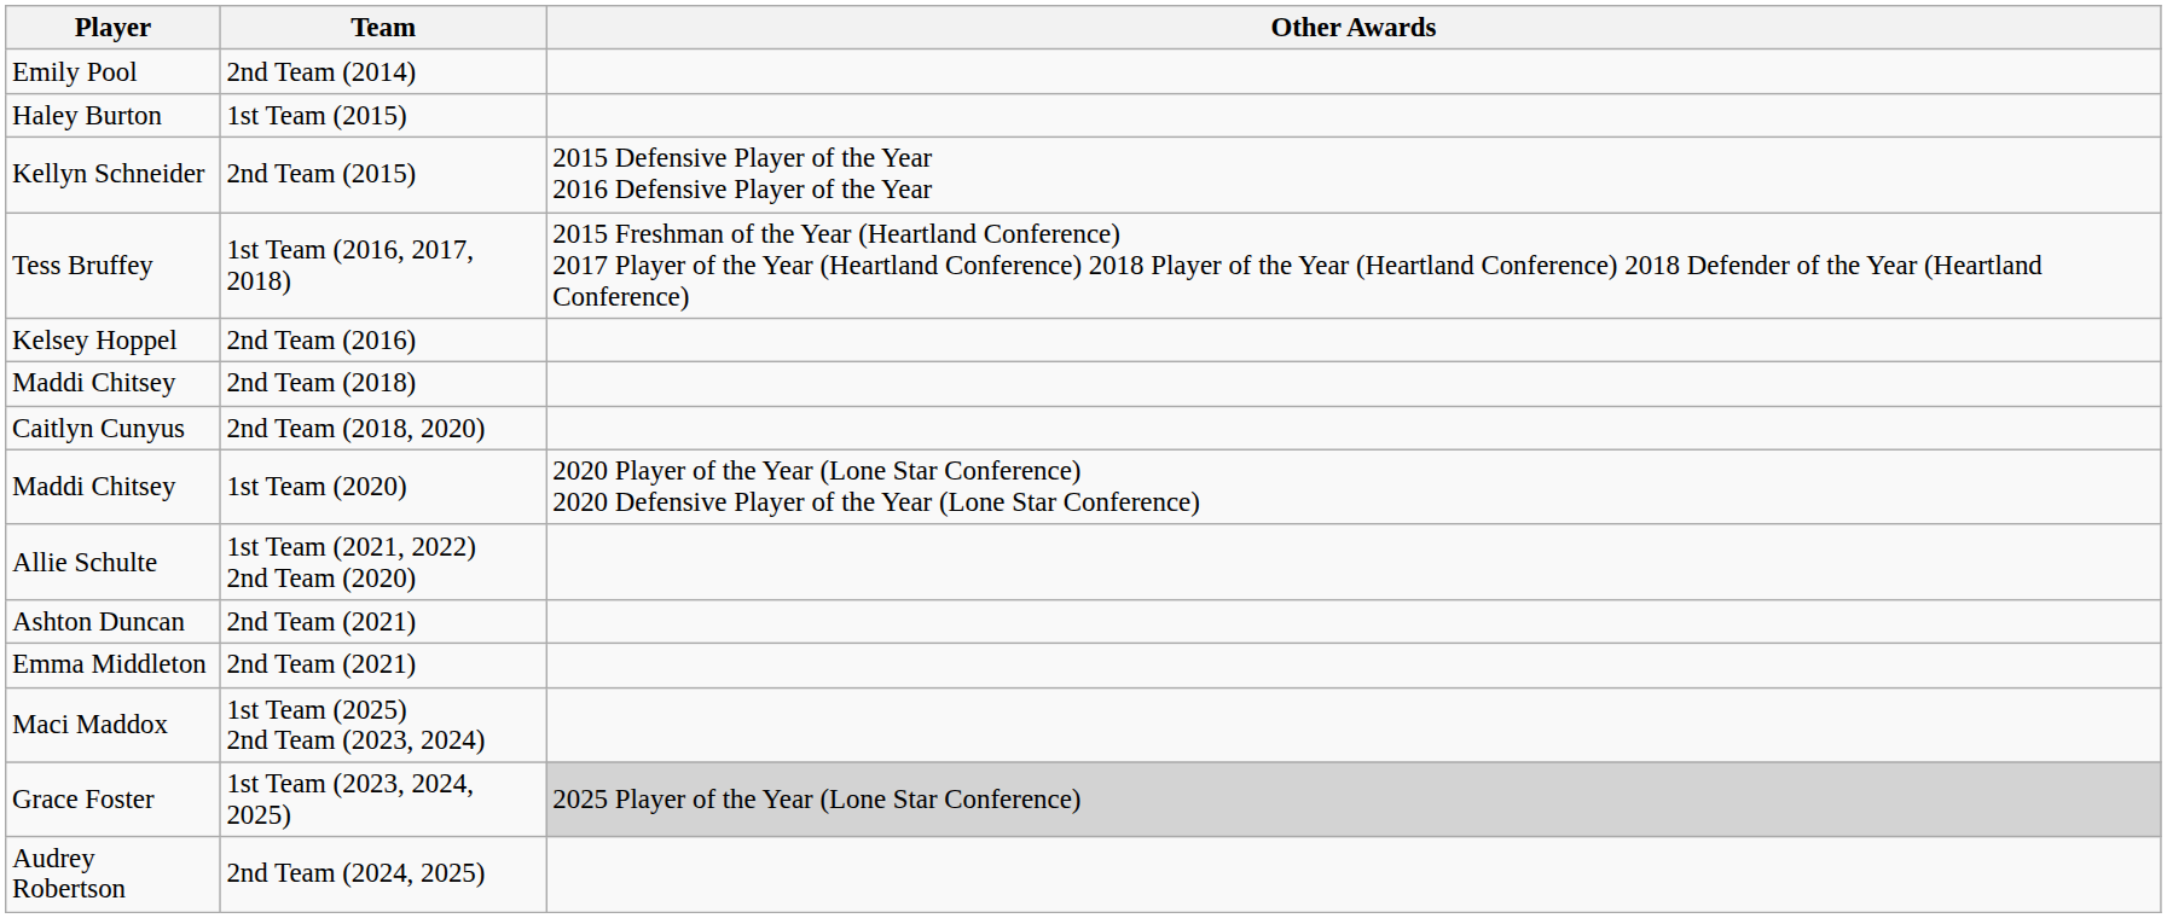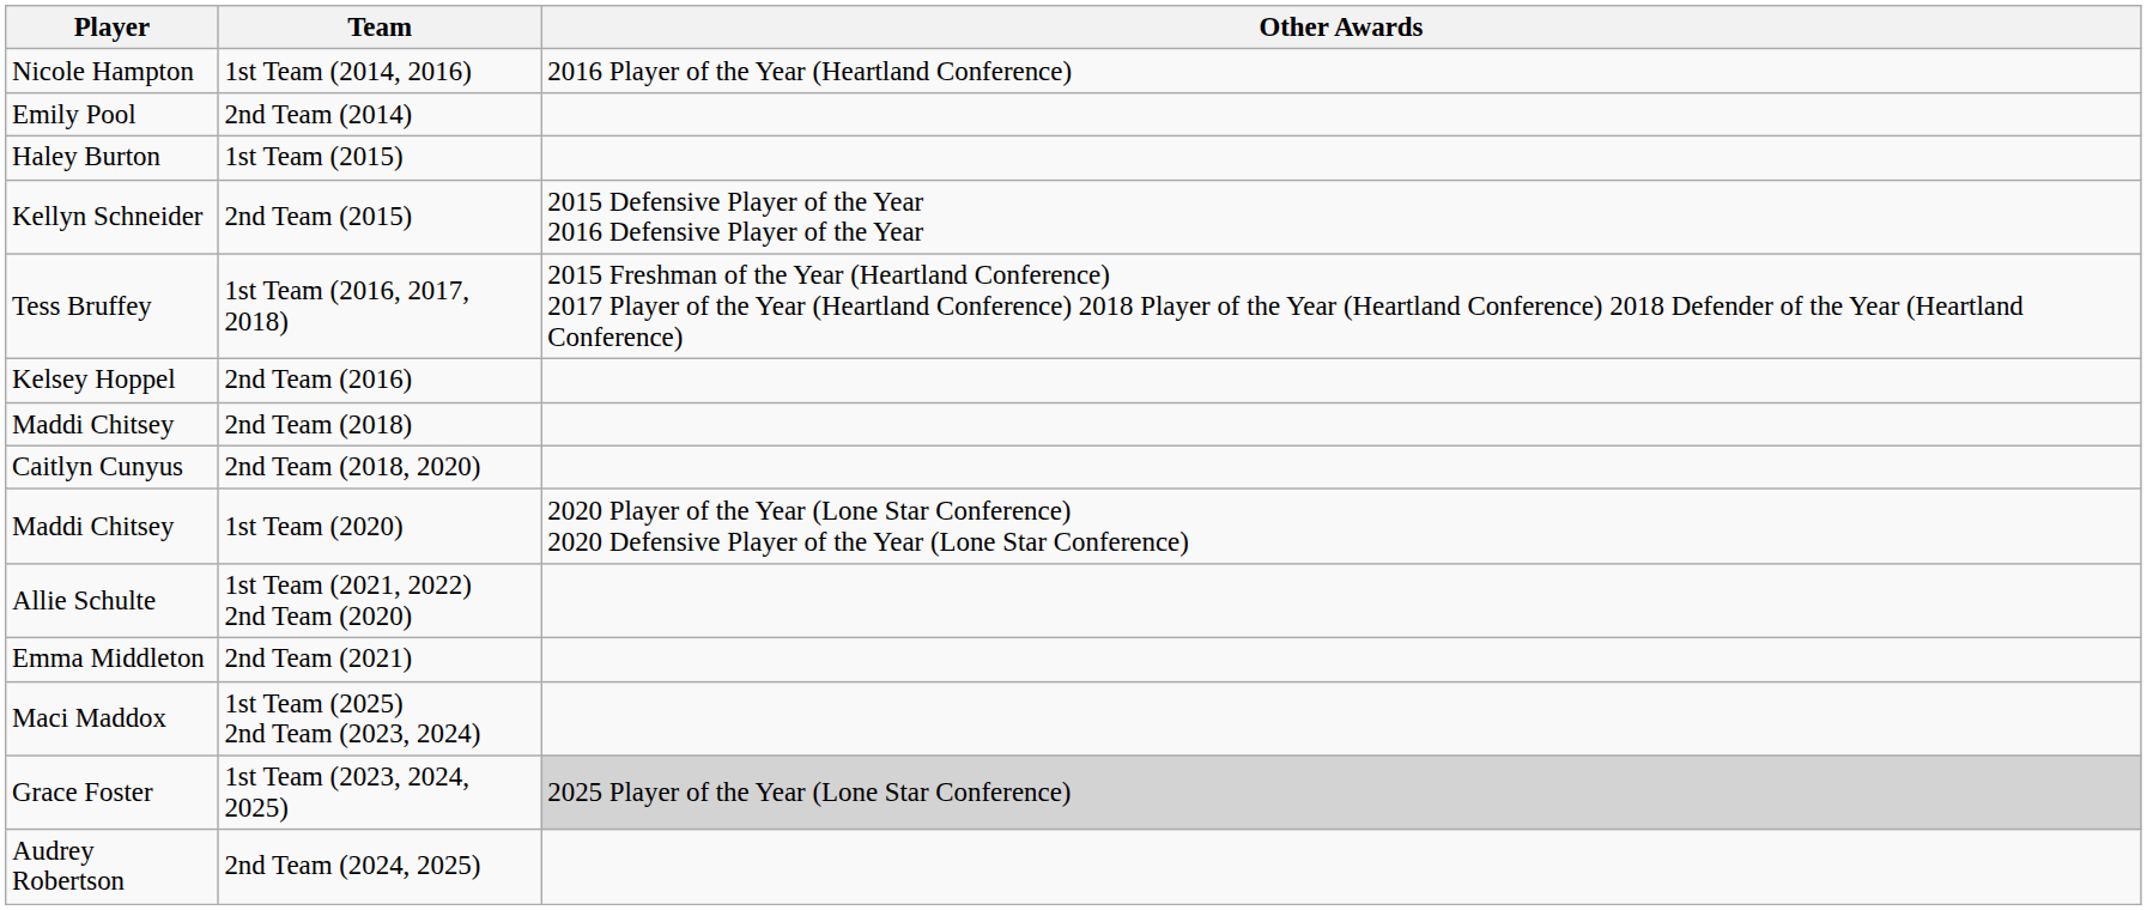 <table class="wikitable">
 <tr>
 <th>Player</th>
 <th>Team</th>
 <th>Other Awards</th>
+</tr>
+<tr>
+<td>Nicole Hampton</td>
+<td>1st Team (2014, 2016)</td>
+<td>2016 Player of the Year (Heartland Conference)</td>
 </tr>
 <tr>
 <td>Emily Pool</td>
 <td>2nd Team (2014)</td>
 <td></td>
 </tr>
 <tr>
 <td>Haley Burton</td>
 <td>1st Team (2015)</td>
 <td></td>
 </tr>
 <tr>
 <td>Kellyn Schneider</td>
 <td>2nd Team (2015)</td>
 <td>2015 Defensive Player of the Year<br>2016 Defensive Player of the Year</td>
 </tr>
 <tr>
 <td>Tess Bruffey</td>
 <td>1st Team (2016, 2017, 2018)</td>
 <td>2015 Freshman of the Year (Heartland Conference)<br>2017 Player of the Year (Heartland Conference) 2018 Player of the Year (Heartland Conference) 2018 Defender of the Year (Heartland Conference)</td>
 </tr>
 <tr>
 <td>Kelsey Hoppel</td>
 <td>2nd Team (2016)</td>
 <td></td>
 </tr>
 <tr>
 <td>Maddi Chitsey</td>
 <td>2nd Team (2018)</td>
 <td></td>
 </tr>
 <tr>
 <td>Caitlyn Cunyus</td>
 <td>2nd Team (2018, 2020)</td>
 <td></td>
 </tr>
 <tr>
 <td>Maddi Chitsey</td>
 <td>1st Team (2020)</td>
 <td>2020 Player of the Year (Lone Star Conference)<br>2020 Defensive Player of the Year (Lone Star Conference)</td>
 </tr>
 <tr>
 <td>Allie Schulte</td>
 <td>1st Team (2021, 2022)<br>2nd Team (2020)</td>
 <td></td>
 </tr>
 <tr>
-<td>Ashton Duncan</td>
-<td>2nd Team (2021)</td>
-<td></td>
-</tr>
-<tr>
 <td>Emma Middleton</td>
 <td>2nd Team (2021)</td>
 <td></td>
 </tr>
 <tr>
 <td>Maci Maddox</td>
 <td>1st Team (2025)<br>2nd Team (2023, 2024) </td>
 <td></td>
 </tr>
 <tr>
 <td>Grace Foster</td>
 <td>1st Team (2023, 2024, 2025)</td>
 <td style="background: lightgrey;">2025 Player of the Year (Lone Star Conference)</td>
 </tr>
 <tr>
 <td>Audrey Robertson</td>
 <td>2nd Team (2024, 2025)</td>
 <td></td>
 </tr>
 </table>
